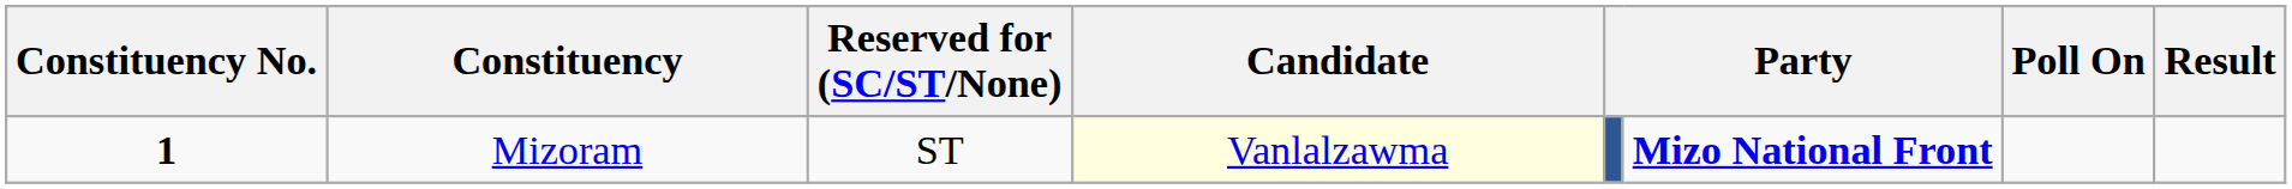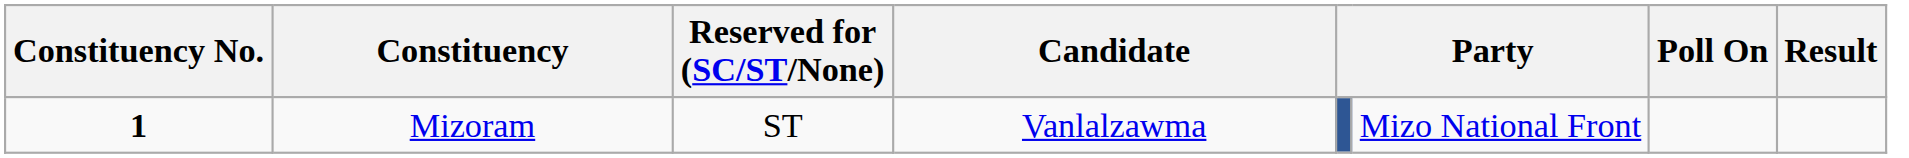 <table class="wikitable sortable" style="text-align:center;">
 <tr>
 <th>Constituency No.</th>
 <th style="width:180px;">Constituency</th>
 <th>Reserved for<br>(<a href='#'>SC/ST</a>/None)</th>
 <th style="width:200px;">Candidate</th>
 <th colspan="2">Party</th>
 <th>Poll On</th>
 <th>Result</th>
 </tr>
 <tr>
 <td style="text-align:center;"><strong>1</strong></td>
 <td><a href='#'>Mizoram</a></td>
 <td>ST</td>
-<td style="background: lightyellow;"><a href='#'>Vanlalzawma</a></td>
+<td><a href='#'>Vanlalzawma</a></td>
 <td bgcolor=#2E5694></td>
-<td><strong><a href='#'>Mizo National Front</a></strong></td>
+<td><a href='#'>Mizo National Front</a></td>
 <td></td>
 <td></td>
 </tr>
 </table>
